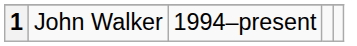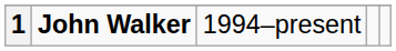 <table class=wikitable>
 <tr>
 </tr>
 <tr>
 <th>1</th>
-<td>John Walker</td>
+<td><strong>John Walker</strong></td>
 <td>1994–present</td>
 <td> </td>
 <td> </td>
 </tr>
 </table>
